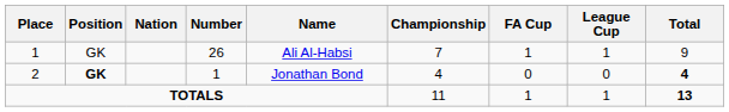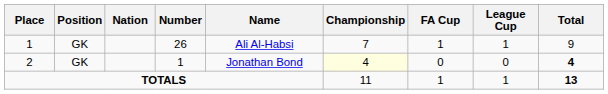 <table class="wikitable" style="font-size: 95%; text-align: center">
 <tr>
 <th width=60>Place</th>
 <th width=60>Position</th>
 <th width=60>Nation</th>
 <th width=60>Number</th>
 <th width=150>Name</th>
 <th width=80>Championship</th>
 <th width=80>FA Cup</th>
 <th width=80>League Cup</th>
 <th width=80>Total</th>
 </tr>
 <tr>
 <td>1</td>
 <td>GK</td>
 <td></td>
 <td>26</td>
 <td><a href='#'>Ali Al-Habsi</a></td>
 <td>7</td>
 <td>1</td>
 <td>1</td>
 <td>9</td>
 </tr>
 <tr>
 <td>2</td>
-<td><strong>GK</strong></td>
+<td>GK</td>
 <td></td>
 <td>1</td>
 <td><a href='#'>Jonathan Bond</a></td>
-<td>4</td>
+<td style="background: lightyellow;">4</td>
 <td>0</td>
 <td>0</td>
 <td><strong>4</strong></td>
 </tr>
 <tr>
 <td colspan="5"><strong>TOTALS</strong></td>
 <td>11</td>
 <td>1</td>
 <td>1</td>
 <td><strong>13</strong></td>
 </tr>
 </table>
